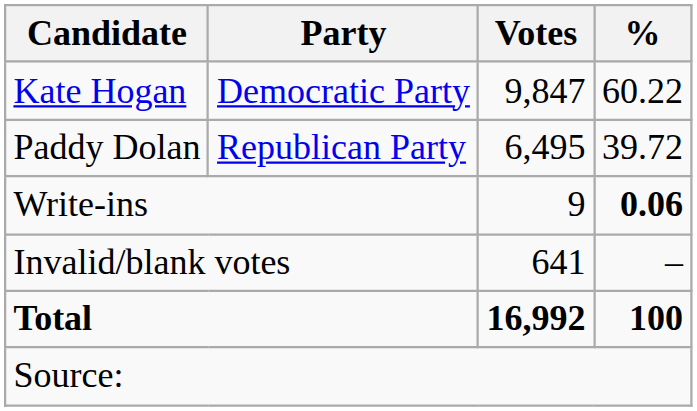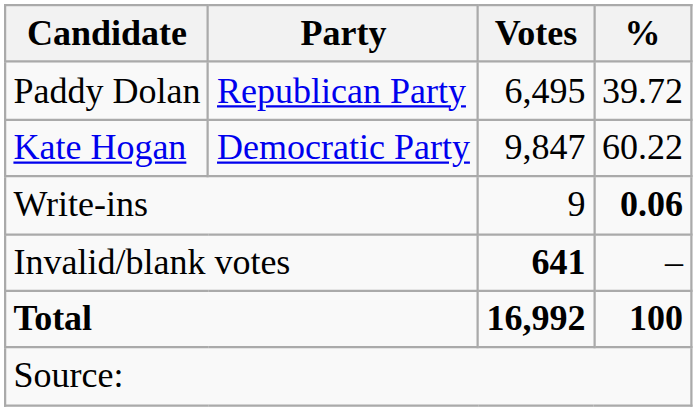 <table class=wikitable style=text-align:right>
 <tr>
 <th>Candidate</th>
 <th>Party</th>
 <th>Votes</th>
 <th>%</th>
 </tr>
 <tr>
+<td align=left>Paddy Dolan</td>
+<td align=left><a href='#'>Republican Party</a></td>
+<td>6,495</td>
+<td>39.72</td>
+</tr>
+<tr>
 <td align=left><a href='#'>Kate Hogan</a></td>
 <td align=left><a href='#'>Democratic Party</a></td>
 <td>9,847</td>
 <td>60.22</td>
-</tr>
-<tr>
-<td align=left>Paddy Dolan</td>
-<td align=left><a href='#'>Republican Party</a></td>
-<td>6,495</td>
-<td>39.72</td>
 </tr>
 <tr>
 <td align=left colspan=2>Write-ins</td>
 <td>9</td>
 <td><strong>0.06</strong></td>
 </tr>
 <tr>
 <td align=left colspan=2>Invalid/blank votes</td>
-<td>641</td>
+<td><strong>641</strong></td>
 <td>–</td>
 </tr>
 <tr>
 <td align=left colspan=2><strong>Total</strong></td>
 <td><strong>16,992</strong></td>
 <td><strong>100</strong></td>
 </tr>
 <tr>
 <td align=left colspan=4>Source: </td>
 </tr>
 </table>
